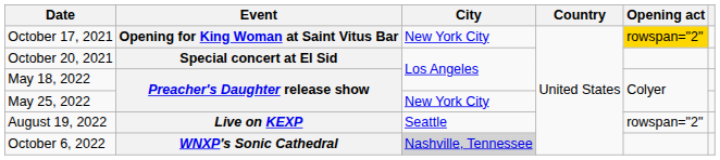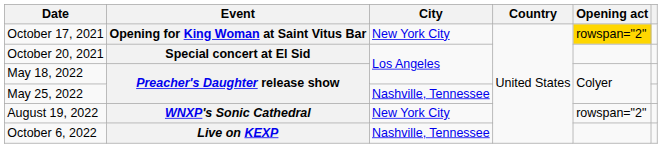 <table class="wikitable plainrowheaders">
 <tr>
 <th>Date</th>
 <th>Event</th>
 <th>City</th>
 <th>Country</th>
 <th>Opening act</th>
 <th></th>
 </tr>
 <tr>
 <td>October 17, 2021</td>
 <th scope="row">Opening for <a href='#'>King Woman</a> at Saint Vitus Bar</th>
 <td><a href='#'>New York City</a></td>
 <td rowspan="6">United States</td>
 <td style="background: gold;">rowspan="2" </td>
 <td></td>
 </tr>
 <tr>
 <td>October 20, 2021</td>
 <th scope="row">Special concert at El Sid</th>
 <td rowspan="2"><a href='#'>Los Angeles</a></td>
 <td></td>
 </tr>
 <tr>
 <td>May 18, 2022</td>
 <th scope="row" rowspan="2"><em><a href='#'>Preacher's Daughter</a></em> release show</th>
 <td rowspan="2">Colyer</td>
 <td></td>
 </tr>
 <tr>
 <td>May 25, 2022</td>
-<td><a href='#'>New York City</a></td>
+<td><a href='#'>Nashville, Tennessee</a></td>
 <td></td>
 </tr>
 <tr>
 <td>August 19, 2022</td>
-<th scope="row"><em>Live on <a href='#'>KEXP</a></em></th>
-<td><a href='#'>Seattle</a></td>
+<th scope="row"><em><a href='#'>WNXP</a>'s Sonic Cathedral</em></th>
+<td><a href='#'>New York City</a></td>
 <td>rowspan="2" </td>
 <td></td>
 </tr>
 <tr>
 <td>October 6, 2022</td>
-<th scope="row"><em><a href='#'>WNXP</a>'s Sonic Cathedral</em></th>
-<td style="background: lightgrey;"><a href='#'>Nashville, Tennessee</a></td>
+<th scope="row"><em>Live on <a href='#'>KEXP</a></em></th>
+<td><a href='#'>Nashville, Tennessee</a></td>
 <td></td>
 </tr>
 </table>
